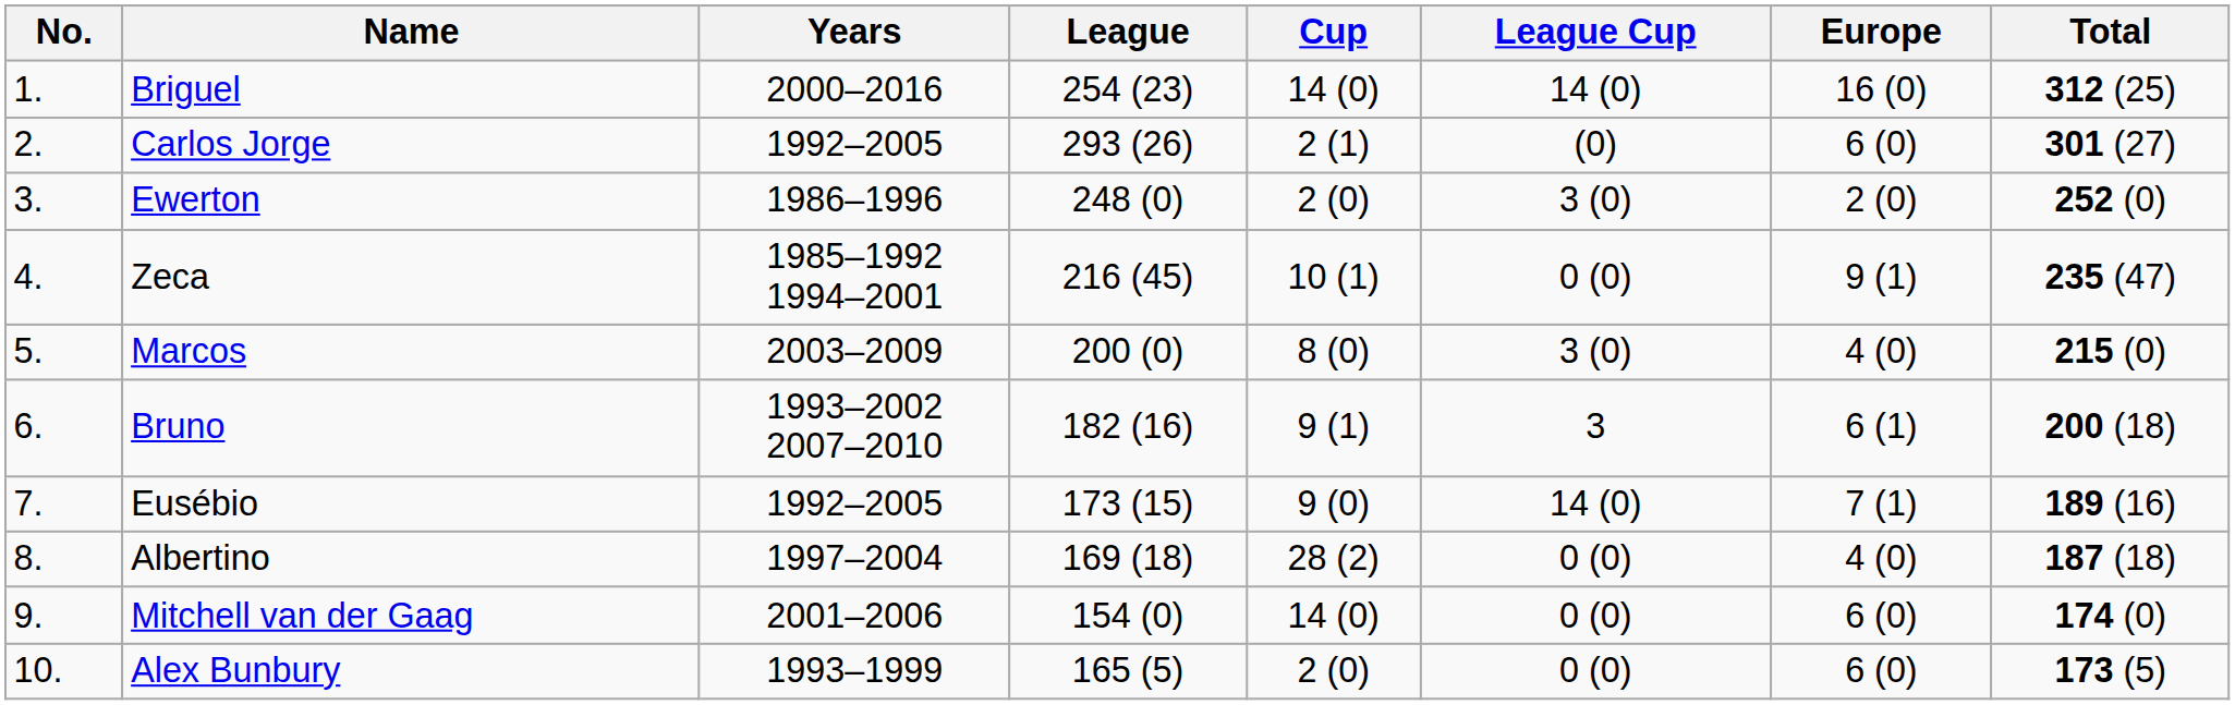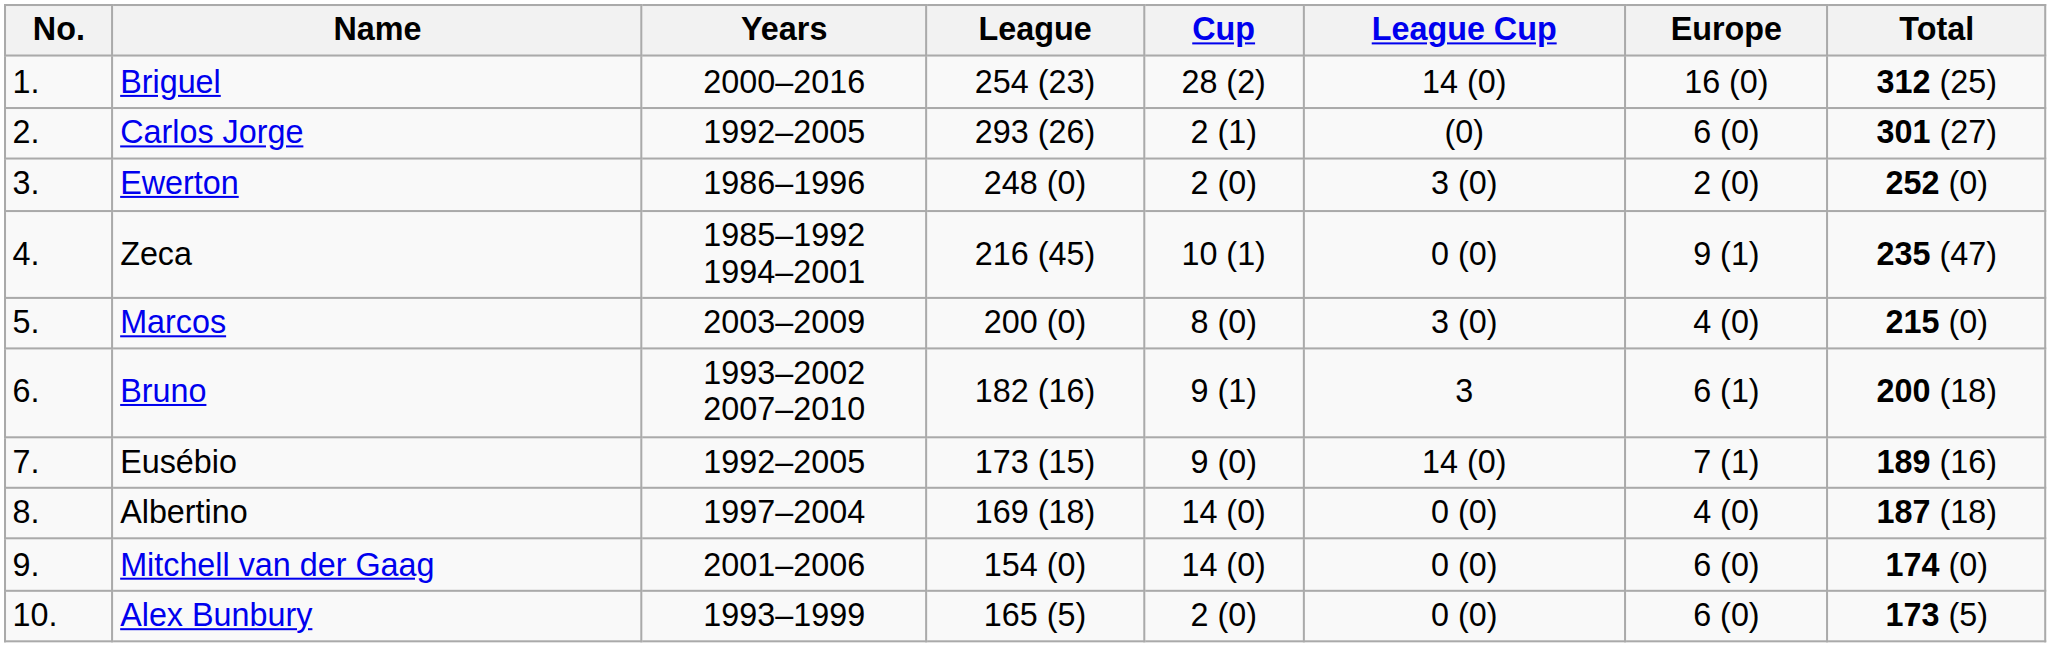 <table class="wikitable sortable" style="width:80%; align:center; text-align:center">
 <tr>
 <th>No.</th>
 <th>Name</th>
 <th>Years</th>
 <th>League</th>
 <th><a href='#'>Cup</a></th>
 <th><a href='#'>League Cup</a></th>
 <th>Europe</th>
 <th>Total</th>
 </tr>
 <tr>
 <td align="left">1.</td>
 <td align="left"> <a href='#'>Briguel</a></td>
 <td>2000–2016</td>
 <td>254 (23)</td>
-<td>14 (0)</td>
+<td>28 (2)</td>
 <td>14 (0)</td>
 <td>16 (0)</td>
 <td><strong>312</strong> (25)</td>
 </tr>
 <tr>
 <td align="left">2.</td>
 <td align="left"> <a href='#'>Carlos Jorge</a></td>
 <td>1992–2005</td>
 <td>293 (26)</td>
 <td>2 (1)</td>
 <td>(0)</td>
 <td>6 (0)</td>
 <td><strong>301</strong> (27)</td>
 </tr>
 <tr>
 <td align="left">3.</td>
 <td align="left"> <a href='#'>Ewerton</a></td>
 <td>1986–1996</td>
 <td>248 (0)</td>
 <td>2 (0)</td>
 <td>3 (0)</td>
 <td>2 (0)</td>
 <td><strong>252</strong> (0)</td>
 </tr>
 <tr>
 <td align="left">4.</td>
 <td align="left"> Zeca</td>
 <td>1985–1992<br>1994–2001</td>
 <td>216 (45)</td>
 <td>10 (1)</td>
 <td>0 (0)</td>
 <td>9 (1)</td>
 <td><strong>235</strong> (47)</td>
 </tr>
 <tr>
 <td align="left">5.</td>
 <td align="left"> <a href='#'>Marcos</a></td>
 <td>2003–2009</td>
 <td>200 (0)</td>
 <td>8 (0)</td>
 <td>3 (0)</td>
 <td>4 (0)</td>
 <td><strong>215</strong> (0)</td>
 </tr>
 <tr>
 <td align="left">6.</td>
 <td align="left"> <a href='#'>Bruno</a></td>
 <td>1993–2002<br>2007–2010</td>
 <td>182 (16)</td>
 <td>9 (1)</td>
 <td>3</td>
 <td>6 (1)</td>
 <td><strong>200</strong> (18)</td>
 </tr>
 <tr>
 <td align="left">7.</td>
 <td align="left"> Eusébio</td>
 <td>1992–2005</td>
 <td>173 (15)</td>
 <td>9 (0)</td>
 <td>14 (0)</td>
 <td>7 (1)</td>
 <td><strong>189</strong> (16)</td>
 </tr>
 <tr>
 <td align="left">8.</td>
 <td align="left"> Albertino</td>
 <td>1997–2004</td>
 <td>169 (18)</td>
-<td>28 (2)</td>
+<td>14 (0)</td>
 <td>0 (0)</td>
 <td>4 (0)</td>
 <td><strong>187</strong> (18)</td>
 </tr>
 <tr>
 <td align="left">9.</td>
 <td align="left"> <a href='#'>Mitchell van der Gaag</a></td>
 <td>2001–2006</td>
 <td>154 (0)</td>
 <td>14 (0)</td>
 <td>0 (0)</td>
 <td>6 (0)</td>
 <td><strong>174</strong> (0)</td>
 </tr>
 <tr>
 <td align="left">10.</td>
 <td align="left"> <a href='#'>Alex Bunbury</a></td>
 <td>1993–1999</td>
 <td>165 (5)</td>
 <td>2 (0)</td>
 <td>0 (0)</td>
 <td>6 (0)</td>
 <td><strong>173</strong> (5)</td>
 </tr>
 </table>
